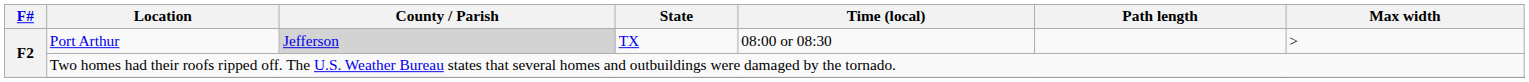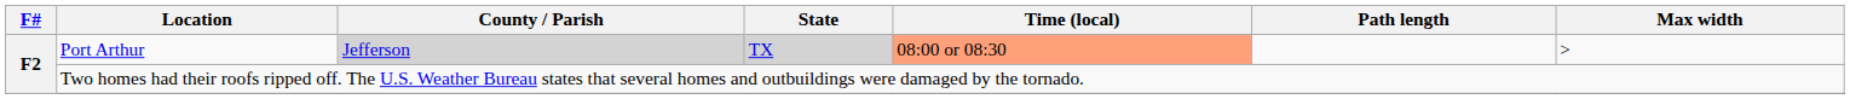 <table class="wikitable sortable" style="width:100%;">
 <tr>
 <th scope="col" align="center"><a href='#'>F#</a></th>
 <th scope="col" align="center" class="unsortable">Location</th>
 <th scope="col" align="center" class="unsortable">County / Parish</th>
 <th scope="col" align="center">State</th>
 <th scope="col" align="center">Time (local)</th>
 <th scope="col" align="center">Path length</th>
 <th scope="col" align="center">Max width</th>
 </tr>
 <tr>
 <th scope="row" rowspan="2" style="background-color:#">F2</th>
 <td><a href='#'>Port Arthur</a></td>
 <td style="background: lightgrey;"><a href='#'>Jefferson</a></td>
-<td><a href='#'>TX</a></td>
-<td>08:00 or 08:30</td>
+<td style="background: lightgrey;"><a href='#'>TX</a></td>
+<td style="background: lightsalmon;">08:00 or 08:30</td>
 <td></td>
 <td>></td>
 </tr>
 <tr class="expand-child">
 <td colspan="8" style=" border-bottom: 1px solid black;">Two homes had their roofs ripped off. The <a href='#'>U.S. Weather Bureau</a> states that several homes and outbuildings were damaged by the tornado.</td>
 </tr>
 <tr>
 </tr>
 </table>
